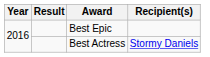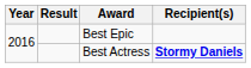 <table class="wikitable">
 <tr>
 <th>Year</th>
 <th>Result</th>
 <th>Award</th>
 <th>Recipient(s)</th>
 </tr>
 <tr>
 <td rowspan="2">2016</td>
 <td></td>
 <td>Best Epic</td>
 <td></td>
 </tr>
 <tr>
 <td></td>
 <td>Best Actress</td>
-<td><a href='#'>Stormy Daniels</a></td>
+<td><strong><a href='#'>Stormy Daniels</a></strong></td>
 </tr>
 </table>
